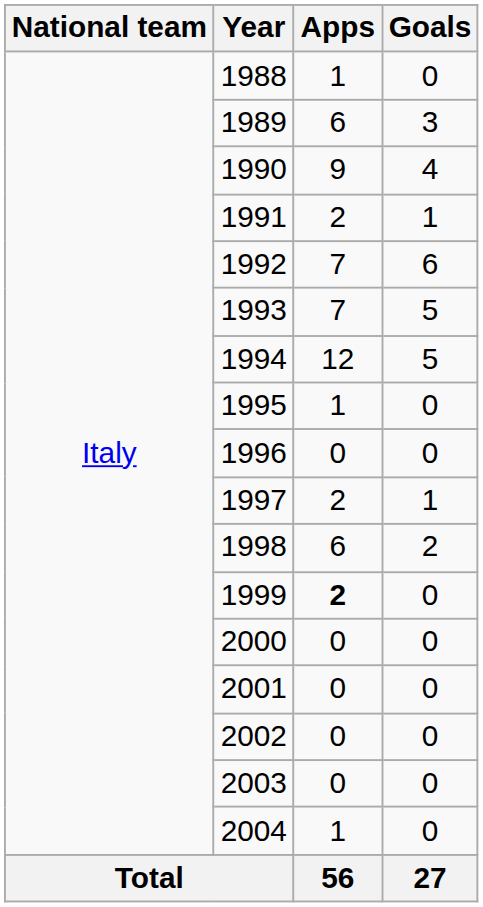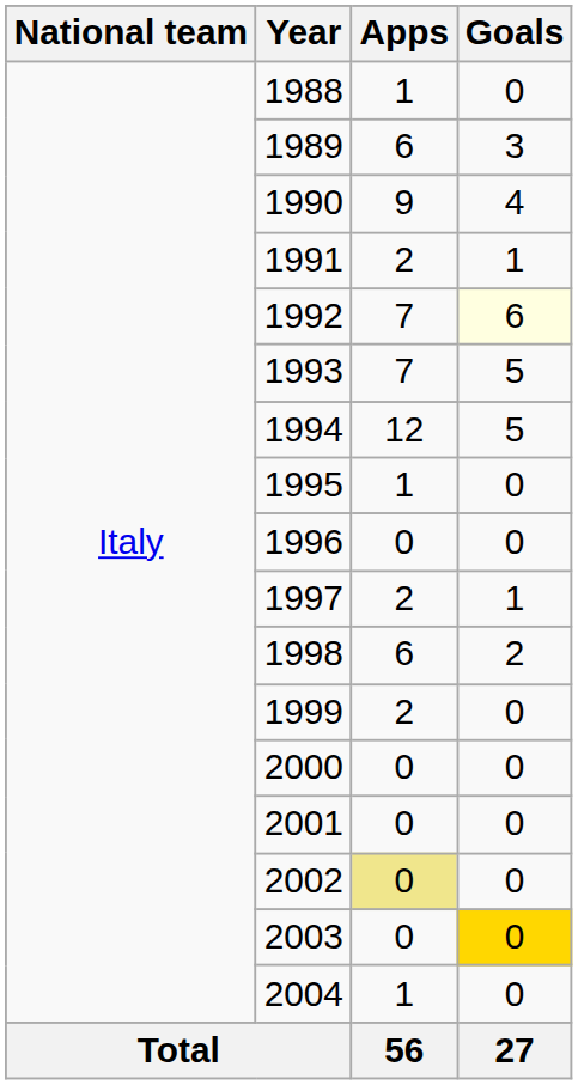 <table class="wikitable" style="text-align:center">
 <tr>
 <th>National team</th>
 <th>Year</th>
 <th>Apps</th>
 <th>Goals</th>
 </tr>
 <tr>
 <td rowspan="17"><a href='#'>Italy</a></td>
 <td>1988</td>
 <td>1</td>
 <td>0</td>
 </tr>
 <tr>
 <td>1989</td>
 <td>6</td>
 <td>3</td>
 </tr>
 <tr>
 <td>1990</td>
 <td>9</td>
 <td>4</td>
 </tr>
 <tr>
 <td>1991</td>
 <td>2</td>
 <td>1</td>
 </tr>
 <tr>
 <td>1992</td>
 <td>7</td>
-<td>6</td>
+<td style="background: lightyellow;">6</td>
 </tr>
 <tr>
 <td>1993</td>
 <td>7</td>
 <td>5</td>
 </tr>
 <tr>
 <td>1994</td>
 <td>12</td>
 <td>5</td>
 </tr>
 <tr>
 <td>1995</td>
 <td>1</td>
 <td>0</td>
 </tr>
 <tr>
 <td>1996</td>
 <td>0</td>
 <td>0</td>
 </tr>
 <tr>
 <td>1997</td>
 <td>2</td>
 <td>1</td>
 </tr>
 <tr>
 <td>1998</td>
 <td>6</td>
 <td>2</td>
 </tr>
 <tr>
 <td>1999</td>
-<td><strong>2</strong></td>
+<td>2</td>
 <td>0</td>
 </tr>
 <tr>
 <td>2000</td>
 <td>0</td>
 <td>0</td>
 </tr>
 <tr>
 <td>2001</td>
 <td>0</td>
 <td>0</td>
 </tr>
 <tr>
 <td>2002</td>
-<td>0</td>
+<td style="background: khaki;">0</td>
 <td>0</td>
 </tr>
 <tr>
 <td>2003</td>
 <td>0</td>
-<td>0</td>
+<td style="background: gold;">0</td>
 </tr>
 <tr>
 <td>2004</td>
 <td>1</td>
 <td>0</td>
 </tr>
 <tr>
 <th colspan="2">Total</th>
 <th>56</th>
 <th>27</th>
 </tr>
 </table>
